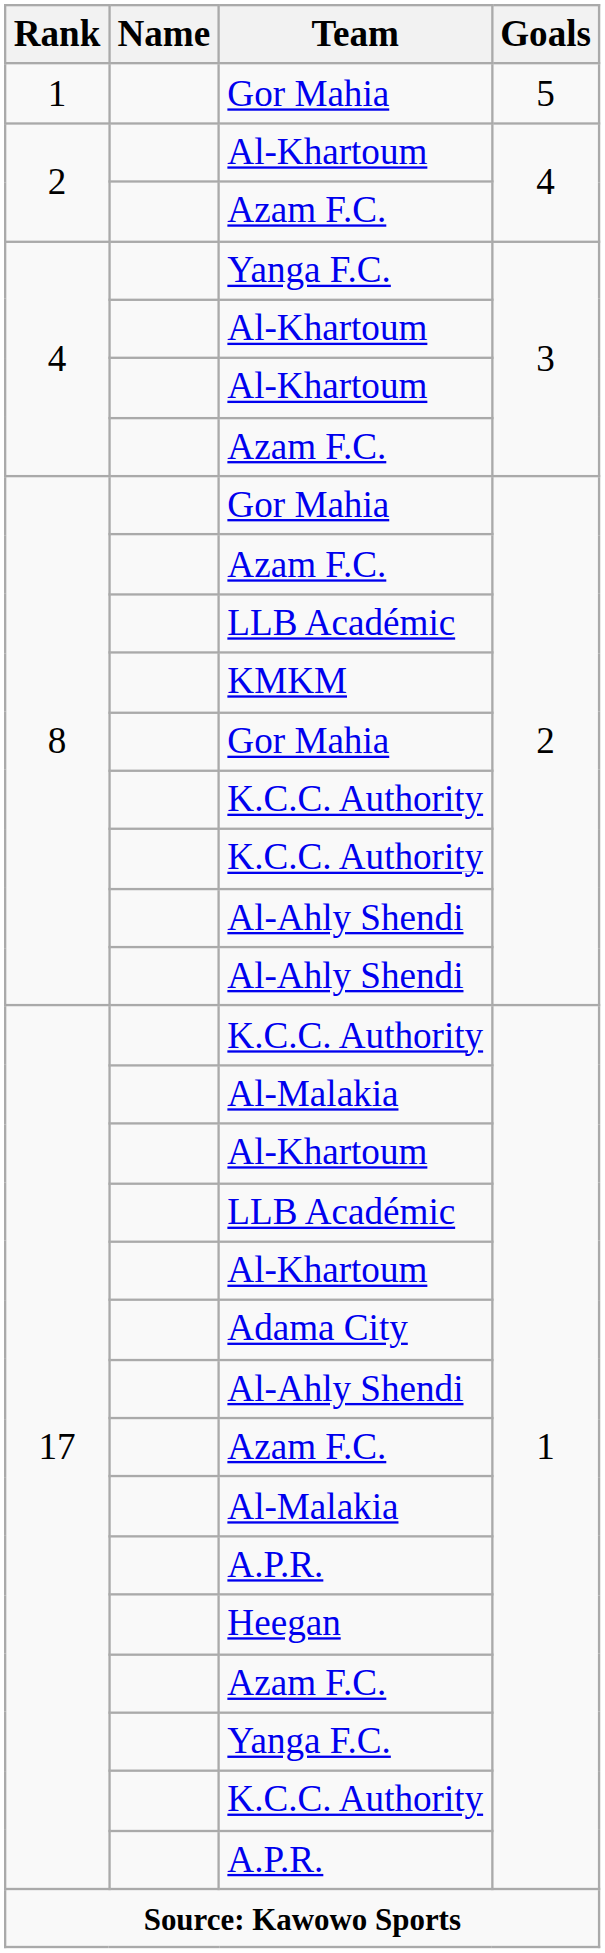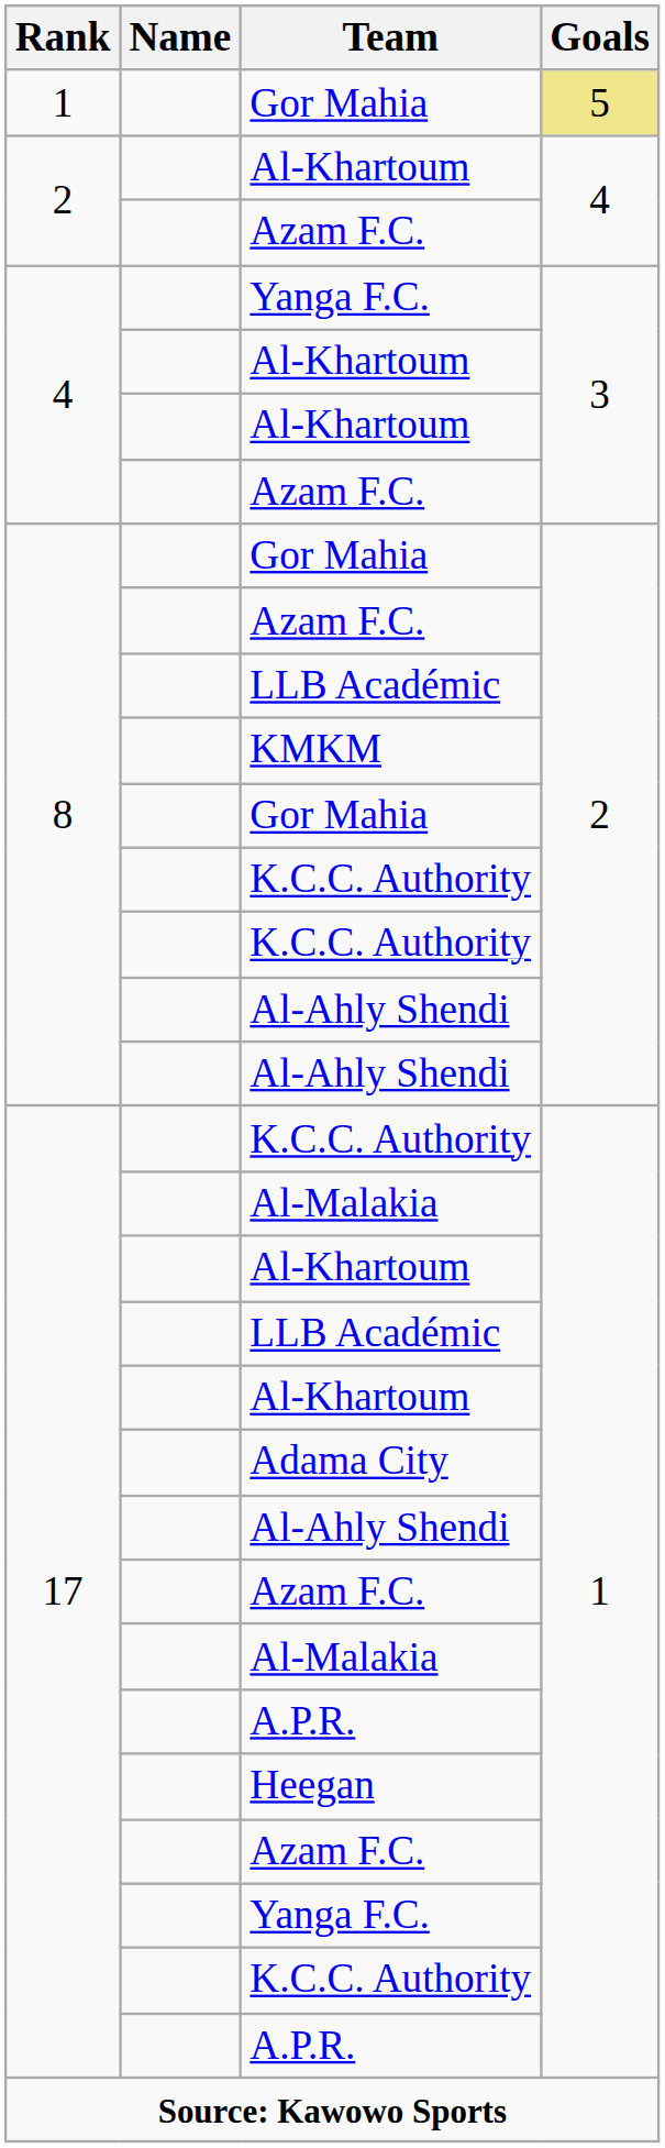 <table class="wikitable sortable" style="text-align:left;">
 <tr>
 <th>Rank</th>
 <th>Name</th>
 <th>Team</th>
 <th>Goals</th>
 </tr>
 <tr>
 <td rowspan="1" align="center">1</td>
 <td></td>
 <td> <a href='#'>Gor Mahia</a></td>
-<td rowspan="1" align="center">5</td>
+<td rowspan="1" align="center" style="background: khaki;">5</td>
 </tr>
 <tr>
 <td rowspan="2" align="center">2</td>
 <td></td>
 <td> <a href='#'>Al-Khartoum</a></td>
 <td rowspan="2" align="center">4</td>
 </tr>
 <tr>
 <td></td>
 <td> <a href='#'>Azam F.C.</a></td>
 </tr>
 <tr>
 <td rowspan="4" align="center">4</td>
 <td></td>
 <td> <a href='#'>Yanga F.C.</a></td>
 <td rowspan="4" align="center">3</td>
 </tr>
 <tr>
 <td></td>
 <td> <a href='#'>Al-Khartoum</a></td>
 </tr>
 <tr>
 <td></td>
 <td> <a href='#'>Al-Khartoum</a></td>
 </tr>
 <tr>
 <td></td>
 <td> <a href='#'>Azam F.C.</a></td>
 </tr>
 <tr>
 <td rowspan="9" align="center">8</td>
 <td></td>
 <td> <a href='#'>Gor Mahia</a></td>
 <td rowspan="9" align="center">2</td>
 </tr>
 <tr>
 <td></td>
 <td> <a href='#'>Azam F.C.</a></td>
 </tr>
 <tr>
 <td></td>
 <td> <a href='#'>LLB Académic</a></td>
 </tr>
 <tr>
 <td></td>
 <td> <a href='#'>KMKM</a></td>
 </tr>
 <tr>
 <td></td>
 <td> <a href='#'>Gor Mahia</a></td>
 </tr>
 <tr>
 <td></td>
 <td> <a href='#'>K.C.C. Authority</a></td>
 </tr>
 <tr>
 <td></td>
 <td> <a href='#'>K.C.C. Authority</a></td>
 </tr>
 <tr>
 <td></td>
 <td> <a href='#'>Al-Ahly Shendi</a></td>
 </tr>
 <tr>
 <td></td>
 <td> <a href='#'>Al-Ahly Shendi</a></td>
 </tr>
 <tr>
 <td rowspan="15" align="center">17</td>
 <td></td>
 <td> <a href='#'>K.C.C. Authority</a></td>
 <td rowspan="15" align="center">1</td>
 </tr>
 <tr>
 <td></td>
 <td> <a href='#'>Al-Malakia</a></td>
 </tr>
 <tr>
 <td></td>
 <td> <a href='#'>Al-Khartoum</a></td>
 </tr>
 <tr>
 <td></td>
 <td> <a href='#'>LLB Académic</a></td>
 </tr>
 <tr>
 <td></td>
 <td> <a href='#'>Al-Khartoum</a></td>
 </tr>
 <tr>
 <td></td>
 <td> <a href='#'>Adama City</a></td>
 </tr>
 <tr>
 <td></td>
 <td> <a href='#'>Al-Ahly Shendi</a></td>
 </tr>
 <tr>
 <td></td>
 <td> <a href='#'>Azam F.C.</a></td>
 </tr>
 <tr>
 <td></td>
 <td> <a href='#'>Al-Malakia</a></td>
 </tr>
 <tr>
 <td></td>
 <td> <a href='#'>A.P.R.</a></td>
 </tr>
 <tr>
 <td></td>
 <td> <a href='#'>Heegan</a></td>
 </tr>
 <tr>
 <td></td>
 <td> <a href='#'>Azam F.C.</a></td>
 </tr>
 <tr>
 <td></td>
 <td> <a href='#'>Yanga F.C.</a></td>
 </tr>
 <tr>
 <td></td>
 <td> <a href='#'>K.C.C. Authority</a></td>
 </tr>
 <tr>
 <td></td>
 <td> <a href='#'>A.P.R.</a></td>
 </tr>
 <tr>
 <td colspan="4" align="center"><strong><small>Source: Kawowo Sports</small></strong></td>
 </tr>
 </table>
